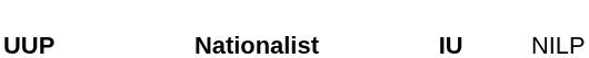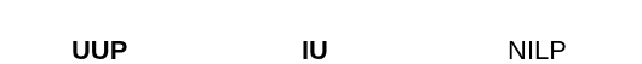 <table style="width:50%; text-align:center;">
 <tr style="color:white;">
 <td style="background:"><strong>37</strong></td>
-<td style="background:"><strong>11</strong></td>
 <td style="background:"><strong>3</strong></td>
 <td style="background:"><strong>1</strong></td>
 </tr>
 <tr>
 <td><span><strong>UUP</strong></span></td>
-<td><span><strong>Nationalist</strong></span></td>
 <td><span><strong>IU</strong></span></td>
 <td><span>NILP</span></td>
 </tr>
 </table>
